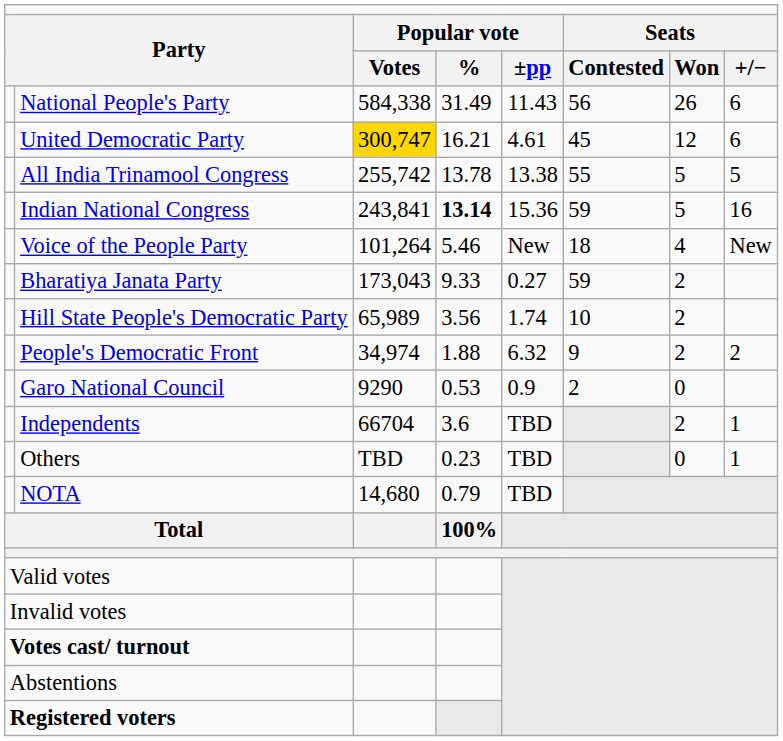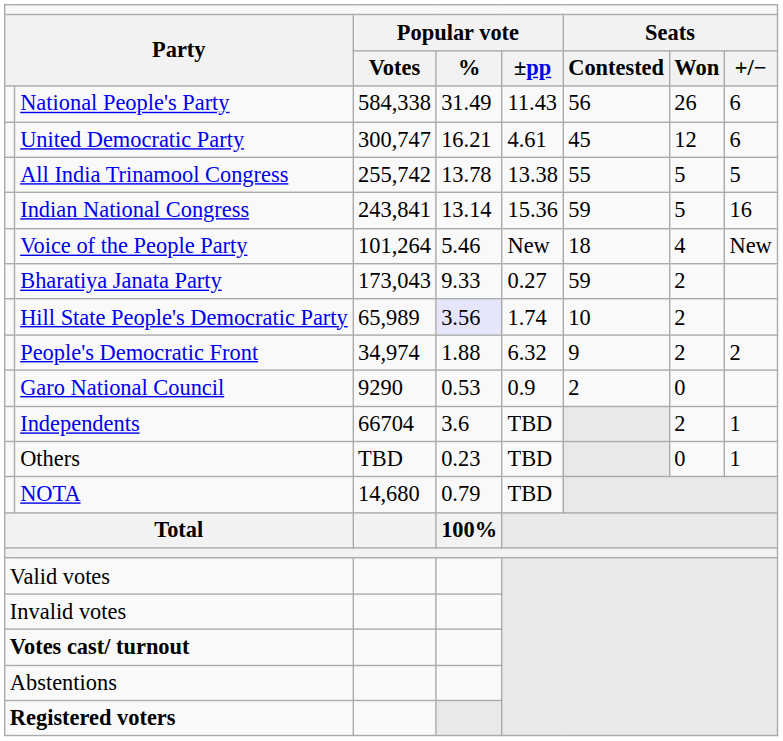 <table class="wikitable">
 <tr>
 <td colspan=15 align=center></td>
 </tr>
 <tr>
 <th colspan="2" rowspan="2">Party</th>
 <th colspan="3">Popular vote</th>
 <th colspan="3">Seats</th>
 </tr>
 <tr>
 <th>Votes</th>
 <th>%</th>
 <th>±<a href='#'>pp</a></th>
 <th>Contested</th>
 <th>Won</th>
 <th><strong>+/−</strong></th>
 </tr>
 <tr>
 <td></td>
 <td><a href='#'>National People's Party</a></td>
 <td>584,338</td>
 <td>31.49</td>
 <td>11.43</td>
 <td>56</td>
 <td>26</td>
 <td>6</td>
 </tr>
 <tr>
 <td></td>
 <td><a href='#'>United Democratic Party</a></td>
-<td style="background: gold;">300,747</td>
+<td>300,747</td>
 <td>16.21</td>
 <td>4.61</td>
 <td>45</td>
 <td>12</td>
 <td>6</td>
 </tr>
 <tr>
 <td></td>
 <td><a href='#'>All India Trinamool Congress</a></td>
 <td>255,742</td>
 <td>13.78</td>
 <td>13.38</td>
 <td>55</td>
 <td>5</td>
 <td>5</td>
 </tr>
 <tr>
 <td></td>
 <td><a href='#'>Indian National Congress</a></td>
 <td>243,841</td>
-<td><strong>13.14</strong></td>
+<td>13.14</td>
 <td>15.36</td>
 <td>59</td>
 <td>5</td>
 <td>16</td>
 </tr>
 <tr>
 <td></td>
 <td><a href='#'>Voice of the People Party</a></td>
 <td>101,264</td>
 <td>5.46</td>
 <td>New</td>
 <td>18</td>
 <td>4</td>
 <td>New</td>
 </tr>
 <tr>
 <td></td>
 <td><a href='#'>Bharatiya Janata Party</a></td>
 <td>173,043</td>
 <td>9.33</td>
 <td> 0.27</td>
 <td>59</td>
 <td>2</td>
 <td></td>
 </tr>
 <tr>
 <td></td>
 <td><a href='#'>Hill State People's Democratic Party</a></td>
 <td>65,989</td>
-<td>3.56</td>
+<td style="background: lavender;">3.56</td>
 <td> 1.74</td>
 <td>10</td>
 <td>2</td>
 <td></td>
 </tr>
 <tr>
 <td></td>
 <td><a href='#'>People's Democratic Front</a></td>
 <td>34,974</td>
 <td>1.88</td>
 <td> 6.32</td>
 <td>9</td>
 <td>2</td>
 <td>2</td>
 </tr>
 <tr>
 <td></td>
 <td><a href='#'>Garo National Council</a></td>
 <td>9290</td>
 <td>0.53</td>
 <td> 0.9</td>
 <td>2</td>
 <td>0</td>
 <td></td>
 </tr>
 <tr>
 <td></td>
 <td><a href='#'>Independents</a></td>
 <td>66704</td>
 <td>3.6</td>
 <td>TBD</td>
 <td style="background-color:#E9E9E9"></td>
 <td>2</td>
 <td>1</td>
 </tr>
 <tr>
 <td></td>
 <td>Others</td>
 <td>TBD</td>
 <td>0.23</td>
 <td>TBD</td>
 <td style="background-color:#E9E9E9"></td>
 <td>0</td>
 <td> 1</td>
 </tr>
 <tr>
 <td></td>
 <td><a href='#'>NOTA</a></td>
 <td>14,680</td>
 <td>0.79</td>
 <td>TBD</td>
 <th colspan="3" style="background-color:#E9E9E9"></th>
 </tr>
 <tr>
 <th colspan="2">Total</th>
 <th></th>
 <th>100%</th>
 <th colspan="4" style="background-color:#E9E9E9"></th>
 </tr>
 <tr>
 <th colspan="10"></th>
 </tr>
 <tr>
 <td colspan="2" style="text-align:left;">Valid votes</td>
 <td align="right"></td>
 <td align="right"></td>
 <th colspan="4" rowspan="5" style="background-color:#E9E9E9"></th>
 </tr>
 <tr>
 <td colspan="2" style="text-align:left;">Invalid votes</td>
 <td align="right"></td>
 <td align="right"></td>
 </tr>
 <tr>
 <td colspan="2" style="text-align:left;"><strong>Votes cast/ turnout</strong></td>
 <td align="right"></td>
 <td align="right"></td>
 </tr>
 <tr>
 <td colspan="2" style="text-align:left;">Abstentions</td>
 <td align="right"></td>
 <td align="right"></td>
 </tr>
 <tr>
 <td colspan="2" style="text-align:left;"><strong>Registered voters</strong></td>
 <td align="right"></td>
 <td style="background-color:#E9E9E9"></td>
 </tr>
 </table>
